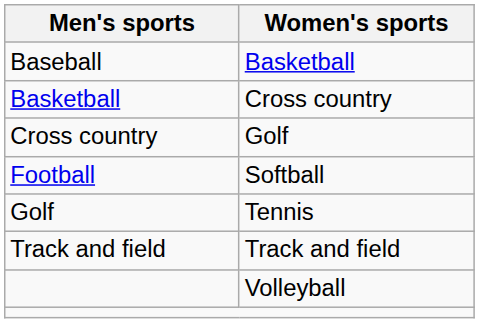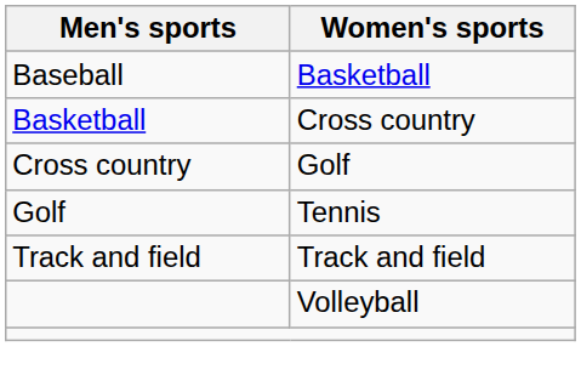 <table class="wikitable" style=" ">
 <tr>
 <th width=150px>Men's sports</th>
 <th width=150px>Women's sports</th>
 </tr>
 <tr>
 <td>Baseball</td>
 <td><a href='#'>Basketball</a></td>
 </tr>
 <tr>
 <td><a href='#'>Basketball</a></td>
 <td>Cross country</td>
 </tr>
 <tr>
 <td>Cross country</td>
 <td>Golf</td>
 </tr>
 <tr>
-<td><a href='#'>Football</a></td>
-<td>Softball</td>
-</tr>
-<tr>
 <td>Golf</td>
 <td>Tennis</td>
 </tr>
 <tr>
 <td>Track and field</td>
 <td>Track and field</td>
 </tr>
 <tr>
 <td></td>
 <td>Volleyball</td>
 </tr>
 <tr>
 <td colspan="2"></td>
 </tr>
 </table>
